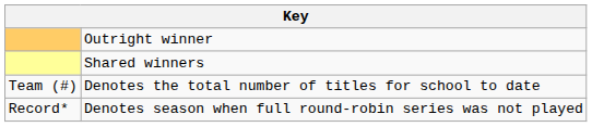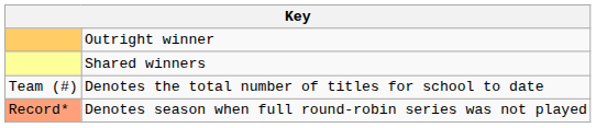 <table class="wikitable">
 <tr>
 <th colspan="10"><strong>Key</strong></th>
 </tr>
 <tr>
 <td style="background-color:#fc6"></td>
 <td>Outright winner</td>
 </tr>
 <tr>
 <td style="background-color:#ff9"></td>
 <td>Shared winners</td>
 </tr>
 <tr>
 <td>Team (#)</td>
 <td>Denotes the total number of titles for school to date</td>
 </tr>
 <tr>
-<td>Record*</td>
+<td style="background: lightsalmon;">Record*</td>
 <td>Denotes season when full round-robin series was not played</td>
 </tr>
 </table>
